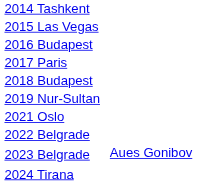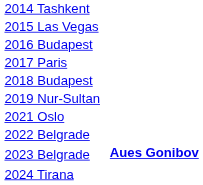 <table>
 <tr>
 <td rowspan=2><a href='#'>2014 Tashkent</a></td>
 <td rowspan=2></td>
 <td rowspan=2></td>
 <td></td>
 </tr>
 <tr>
 <td></td>
 </tr>
 <tr>
 <td rowspan=2><a href='#'>2015 Las Vegas</a></td>
 <td rowspan=2></td>
 <td rowspan=2></td>
 <td></td>
 </tr>
 <tr>
 <td></td>
 </tr>
 <tr>
 <td rowspan=2><a href='#'>2016 Budapest</a></td>
 <td rowspan=2></td>
 <td rowspan=2></td>
 <td></td>
 </tr>
 <tr>
 <td></td>
 </tr>
 <tr>
 <td rowspan=2><a href='#'>2017 Paris</a></td>
 <td rowspan=2></td>
 <td rowspan=2></td>
 <td></td>
 </tr>
 <tr>
 <td></td>
 </tr>
 <tr>
 <td rowspan=2><a href='#'>2018 Budapest</a></td>
 <td rowspan=2></td>
 <td rowspan=2></td>
 <td></td>
 </tr>
 <tr>
 <td></td>
 </tr>
 <tr>
 <td rowspan=2><a href='#'>2019 Nur-Sultan</a></td>
 <td rowspan=2></td>
 <td rowspan=2></td>
 <td></td>
 </tr>
 <tr>
 <td></td>
 </tr>
 <tr>
 <td rowspan=2><a href='#'>2021 Oslo</a></td>
 <td rowspan=2></td>
 <td rowspan=2></td>
 <td></td>
 </tr>
 <tr>
 <td></td>
 </tr>
 <tr>
 <td rowspan=2><a href='#'>2022 Belgrade</a></td>
 <td rowspan=2></td>
 <td rowspan=2></td>
 <td></td>
 </tr>
 <tr>
 <td></td>
 </tr>
 <tr>
 <td rowspan=2><a href='#'>2023 Belgrade</a></td>
 <td rowspan=2></td>
 <td rowspan=2></td>
-<td> <a href='#'>Aues Gonibov</a> </td>
+<td><strong> <a href='#'>Aues Gonibov</a> </strong></td>
 </tr>
 <tr>
 <td></td>
 </tr>
 <tr>
 <td rowspan=2><a href='#'>2024 Tirana</a></td>
 <td rowspan=2></td>
 <td rowspan=2></td>
 <td></td>
 </tr>
 <tr>
 <td></td>
 </tr>
 </table>
